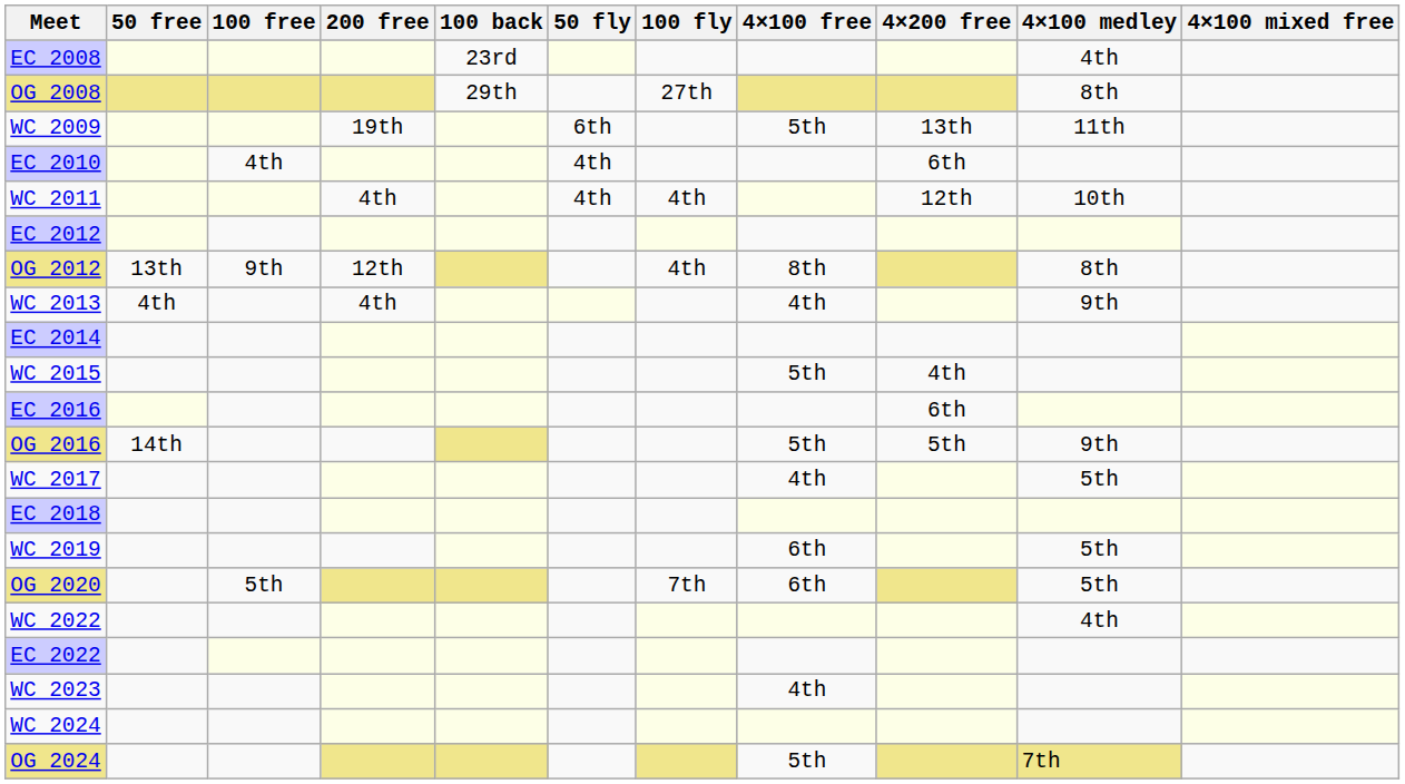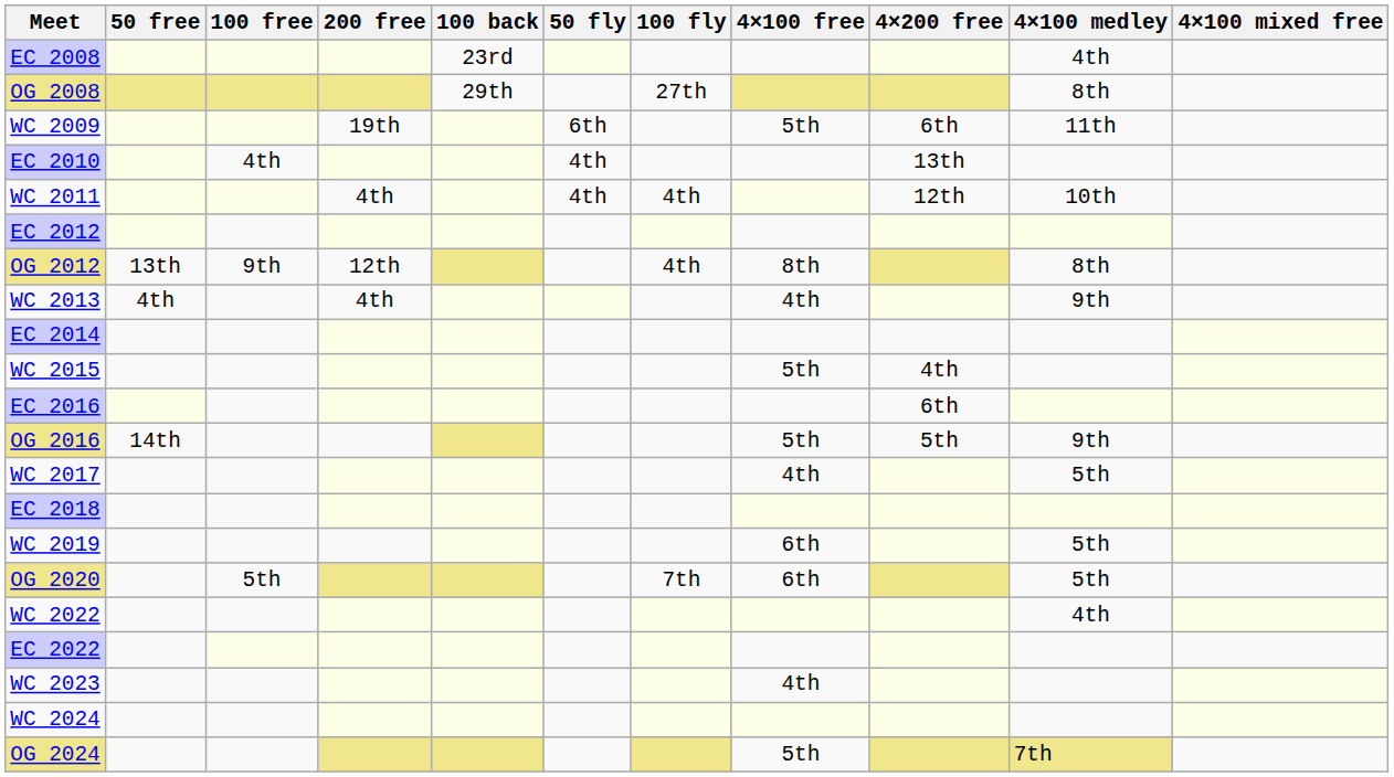 <table class="sortable wikitable">
 <tr>
 <th>Meet</th>
 <th class="unsortable">50 free</th>
 <th class="unsortable">100 free</th>
 <th class="unsortable">200 free</th>
 <th class="unsortable">100 back</th>
 <th class="unsortable">50 fly</th>
 <th class="unsortable">100 fly</th>
 <th class="unsortable">4×100 free</th>
 <th class="unsortable">4×200 free</th>
 <th class="unsortable">4×100 medley</th>
 <th class="unsortable">4×100 mixed free</th>
 </tr>
 <tr>
 <td style="background:#ccccff"><a href='#'>EC 2008</a></td>
 <td style="background:#fdffe7"></td>
 <td style="background:#fdffe7"></td>
 <td style="background:#fdffe7"></td>
 <td align="center">23rd</td>
 <td style="background:#fdffe7"></td>
 <td align="center"></td>
 <td align="center"></td>
 <td style="background:#fdffe7"></td>
 <td align="center">4th</td>
 <td></td>
 </tr>
 <tr>
 <td style="background:#f0e68c"><a href='#'>OG 2008</a></td>
 <td style="background:#f0e68c"></td>
 <td style="background:#f0e68c"></td>
 <td style="background:#f0e68c"></td>
 <td align="center">29th</td>
 <td></td>
 <td align="center">27th</td>
 <td style="background:#f0e68c"></td>
 <td style="background:#f0e68c"></td>
 <td align="center">8th</td>
 <td></td>
 </tr>
 <tr>
 <td><a href='#'>WC 2009</a></td>
 <td style="background:#fdffe7"></td>
 <td style="background:#fdffe7"></td>
 <td align="center">19th</td>
 <td style="background:#fdffe7"></td>
 <td align="center">6th</td>
 <td align="center"></td>
 <td align="center">5th</td>
-<td align="center">13th</td>
+<td align="center">6th</td>
 <td align="center">11th</td>
 <td></td>
 </tr>
 <tr>
 <td style="background:#ccccff"><a href='#'>EC 2010</a></td>
 <td style="background:#fdffe7"></td>
 <td align="center">4th</td>
 <td style="background:#fdffe7"></td>
 <td style="background:#fdffe7"></td>
 <td align="center">4th</td>
 <td align="center"></td>
 <td align="center"></td>
-<td align="center">6th</td>
+<td align="center">13th</td>
 <td align="center"></td>
 <td></td>
 </tr>
 <tr>
 <td><a href='#'>WC 2011</a></td>
 <td style="background:#fdffe7"></td>
 <td style="background:#fdffe7"></td>
 <td align="center">4th</td>
 <td style="background:#fdffe7"></td>
 <td align="center">4th</td>
 <td align="center">4th</td>
 <td style="background:#fdffe7"></td>
 <td align="center">12th</td>
 <td align="center">10th</td>
 <td></td>
 </tr>
 <tr>
 <td style="background:#ccccff"><a href='#'>EC 2012</a></td>
 <td style="background:#fdffe7"></td>
 <td align="center"></td>
 <td style="background:#fdffe7"></td>
 <td style="background:#fdffe7"></td>
 <td align="center"></td>
 <td style="background:#fdffe7"></td>
 <td align="center"></td>
 <td style="background:#fdffe7"></td>
 <td style="background:#fdffe7"></td>
 <td></td>
 </tr>
 <tr>
 <td style="background:#f0e68c"><a href='#'>OG 2012</a></td>
 <td align="center">13th</td>
 <td align="center">9th</td>
 <td align="center">12th</td>
 <td style="background:#f0e68c"></td>
 <td></td>
 <td align="center">4th</td>
 <td align="center">8th</td>
 <td style="background:#f0e68c"></td>
 <td align="center">8th</td>
 <td></td>
 </tr>
 <tr>
 <td><a href='#'>WC 2013</a></td>
 <td align="center">4th</td>
 <td align="center"></td>
 <td align="center">4th</td>
 <td style="background:#fdffe7"></td>
 <td style="background:#fdffe7"></td>
 <td align="center"></td>
 <td align="center">4th</td>
 <td style="background:#fdffe7"></td>
 <td align="center">9th</td>
 <td></td>
 </tr>
 <tr>
 <td style="background:#ccccff"><a href='#'>EC 2014</a></td>
 <td align="center"></td>
 <td align="center"></td>
 <td style="background:#fdffe7"></td>
 <td style="background:#fdffe7"></td>
 <td align="center"></td>
 <td align="center"></td>
 <td align="center"></td>
 <td align="center"></td>
 <td align="center"></td>
 <td style="background:#fdffe7"></td>
 </tr>
 <tr>
 <td><a href='#'>WC 2015</a></td>
 <td align="center"></td>
 <td align="center"></td>
 <td style="background:#fdffe7"></td>
 <td style="background:#fdffe7"></td>
 <td align="center"></td>
 <td align="center"></td>
 <td align="center">5th</td>
 <td align="center">4th</td>
 <td align="center"></td>
 <td style="background:#fdffe7"></td>
 </tr>
 <tr>
 <td style="background:#ccccff"><a href='#'>EC 2016</a></td>
 <td style="background:#fdffe7"></td>
 <td align="center"></td>
 <td style="background:#fdffe7"></td>
 <td style="background:#fdffe7"></td>
 <td align="center"></td>
 <td align="center"></td>
 <td align="center"></td>
 <td align="center">6th</td>
 <td style="background:#fdffe7"></td>
 <td style="background:#fdffe7"></td>
 </tr>
 <tr>
 <td style="background:#f0e68c"><a href='#'>OG 2016</a></td>
 <td align="center">14th</td>
 <td align="center"></td>
 <td align="center"></td>
 <td style="background:#f0e68c"></td>
 <td></td>
 <td align="center"></td>
 <td align="center">5th</td>
 <td align="center">5th</td>
 <td align="center">9th</td>
 <td></td>
 </tr>
 <tr>
 <td><a href='#'>WC 2017</a></td>
 <td align="center"></td>
 <td align="center"></td>
 <td style="background:#fdffe7"></td>
 <td style="background:#fdffe7"></td>
 <td align="center"></td>
 <td align="center"></td>
 <td align="center">4th</td>
 <td style="background:#fdffe7"></td>
 <td align="center">5th</td>
 <td style="background:#fdffe7"></td>
 </tr>
 <tr>
 <td style="background:#ccccff"><a href='#'>EC 2018</a></td>
 <td align="center"></td>
 <td align="center"></td>
 <td style="background:#fdffe7"></td>
 <td style="background:#fdffe7"></td>
 <td align="center"></td>
 <td align="center"></td>
 <td style="background:#fdffe7"></td>
 <td style="background:#fdffe7"></td>
 <td style="background:#fdffe7"></td>
 <td style="background:#fdffe7"></td>
 </tr>
 <tr>
 <td><a href='#'>WC 2019</a></td>
 <td align="center"></td>
 <td align="center"></td>
 <td align="center"></td>
 <td style="background:#fdffe7"></td>
 <td align="center"></td>
 <td align="center"></td>
 <td align="center">6th</td>
 <td style="background:#fdffe7"></td>
 <td align="center">5th</td>
 <td style="background:#fdffe7"></td>
 </tr>
 <tr>
 <td style="background:#f0e68c"><a href='#'>OG 2020</a></td>
 <td align="center"></td>
 <td align="center">5th</td>
 <td style="background:#f0e68c"></td>
 <td style="background:#f0e68c"></td>
 <td></td>
 <td align="center">7th</td>
 <td align="center">6th</td>
 <td style="background:#f0e68c"></td>
 <td align="center">5th</td>
 <td></td>
 </tr>
 <tr>
 <td><a href='#'>WC 2022</a></td>
 <td align="center"></td>
 <td align="center"></td>
 <td style="background:#fdffe7"></td>
 <td style="background:#fdffe7"></td>
 <td align="center"></td>
 <td style="background:#fdffe7"></td>
 <td style="background:#fdffe7"></td>
 <td style="background:#fdffe7"></td>
 <td align="center">4th</td>
 <td style="background:#fdffe7"></td>
 </tr>
 <tr>
 <td style="background:#ccccff"><a href='#'>EC 2022</a></td>
 <td align="center"></td>
 <td style="background:#fdffe7"></td>
 <td style="background:#fdffe7"></td>
 <td style="background:#fdffe7"></td>
 <td align="center"></td>
 <td style="background:#fdffe7"></td>
 <td align="center"></td>
 <td style="background:#fdffe7"></td>
 <td align="center"></td>
 <td align="center"></td>
 </tr>
 <tr>
 <td><a href='#'>WC 2023</a></td>
 <td align="center"></td>
 <td></td>
 <td style="background:#fdffe7"></td>
 <td style="background:#fdffe7"></td>
 <td align="center"></td>
 <td style="background:#fdffe7"></td>
 <td align="center">4th</td>
 <td style="background:#fdffe7"></td>
 <td align="center"></td>
 <td style="background:#fdffe7"></td>
 </tr>
 <tr>
 <td><a href='#'>WC 2024</a></td>
 <td align="center"></td>
 <td align="center"></td>
 <td style="background:#fdffe7"></td>
 <td style="background:#fdffe7"></td>
 <td align="center"></td>
 <td style="background:#fdffe7"></td>
 <td style="background:#fdffe7"></td>
 <td style="background:#fdffe7"></td>
 <td align="center"></td>
 <td style="background:#fdffe7"></td>
 </tr>
 <tr>
 <td style="background:#f0e68c"><a href='#'>OG 2024</a></td>
 <td align="center"></td>
 <td align="center"></td>
 <td style="background:#f0e68c"></td>
 <td style="background:#f0e68c"></td>
 <td></td>
 <td style="background:#f0e68c"></td>
 <td align="center">5th</td>
 <td style="background:#f0e68c"></td>
 <td style="background:#f0e68c">7th</td>
 <td></td>
 </tr>
 </table>
